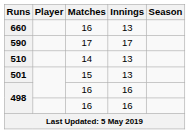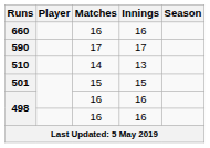 <table class="wikitable sortable" style="text-align:left;font-size:96%;">
 <tr>
 <th>Runs</th>
 <th>Player</th>
 <th>Matches</th>
 <th>Innings</th>
 <th>Season</th>
 </tr>
 <tr>
 <th scope=row style=text-align:center;>660</th>
 <td></td>
 <td align=center>16</td>
-<td align=center>13</td>
+<td align=center>16</td>
 <td></td>
 </tr>
 <tr>
 <th scope=row style=text-align:center;>590</th>
 <td></td>
 <td align=center>17</td>
 <td align=center>17</td>
 <td></td>
 </tr>
 <tr>
 <th scope=row style=text-align:center;>510</th>
 <td></td>
 <td align=center>14</td>
 <td align=center>13</td>
 <td></td>
 </tr>
 <tr>
 <th scope=row style=text-align:center;>501</th>
 <td rowspan=2></td>
 <td align=center>15</td>
-<td align=center>13</td>
+<td align=center>15</td>
 <td></td>
 </tr>
 <tr>
 <th scope=row style=text-align:center; rowspan=2>498</th>
 <td align=center>16</td>
 <td align=center>16</td>
 <td></td>
 </tr>
 <tr>
 <td></td>
 <td align=center>16</td>
 <td align=center>16</td>
 <td></td>
 </tr>
 <tr class=sortbottom>
 <th colspan=6><small>Last Updated: 5 May 2019</small></th>
 </tr>
 </table>
